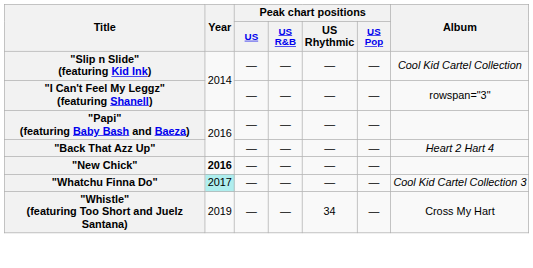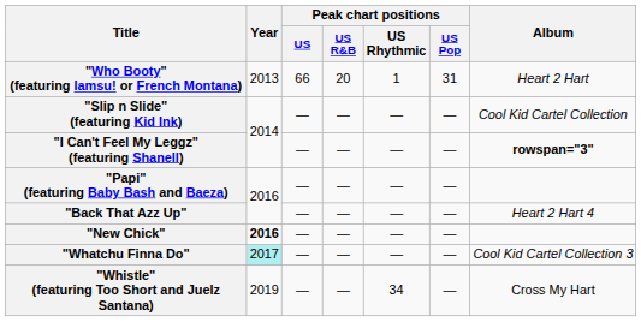 <table class="wikitable plainrowheaders" style="text-align:center;">
 <tr>
 <th scope="col" rowspan="2" style="width:18em;">Title</th>
 <th scope="col" rowspan="2">Year</th>
 <th colspan="4" scope="col">Peak chart positions</th>
 <th scope="col" rowspan="2">Album</th>
 </tr>
 <tr>
 <th scope="col" style="width:3em;font-size:90%;"><a href='#'>US</a></th>
 <th scope="col" style="width:3em;font-size:90%;"><a href='#'>US<br>R&B</a></th>
 <th>US<br>Rhythmic</th>
 <th scope="col" style="width:3em;font-size:90%;"><a href='#'>US<br>Pop</a></th>
+</tr>
+<tr>
+<th scope="row">"<a href='#'>Who Booty</a>"<br><span>(featuring <a href='#'>Iamsu!</a> or <a href='#'>French Montana</a>)</span></th>
+<td>2013</td>
+<td>66</td>
+<td>20</td>
+<td>1</td>
+<td>31</td>
+<td><em>Heart 2 Hart</em></td>
 </tr>
 <tr>
 <th scope="row">"Slip n Slide"<br><span>(featuring <a href='#'>Kid Ink</a>)</span></th>
 <td rowspan="2">2014</td>
 <td>—</td>
 <td>—</td>
 <td>—</td>
 <td>—</td>
 <td><em>Cool Kid Cartel Collection</em></td>
 </tr>
 <tr>
 <th scope="row">"I Can't Feel My Leggz"<br><span>(featuring <a href='#'>Shanell</a>)</span></th>
 <td>—</td>
 <td>—</td>
 <td>—</td>
 <td>—</td>
-<td>rowspan="3" </td>
+<td><strong>rowspan="3" </strong></td>
 </tr>
 <tr>
 <th scope="row">"Papi"<br><span>(featuring <a href='#'>Baby Bash</a> and <a href='#'>Baeza</a>)</span></th>
 <td rowspan="2">2016</td>
 <td>—</td>
 <td>—</td>
 <td>—</td>
 <td>—</td>
 </tr>
 <tr>
 <th scope="row">"Back That Azz Up"</th>
 <td>—</td>
 <td>—</td>
 <td>—</td>
 <td>—</td>
 <td><em>Heart 2 Hart 4</em></td>
 </tr>
 <tr>
 <th scope="row">"New Chick"</th>
 <td><strong>2016</strong></td>
 <td>—</td>
 <td>—</td>
 <td>—</td>
 <td>—</td>
 </tr>
 <tr>
 <th scope="row">"Whatchu Finna Do"</th>
 <td style="background: paleturquoise;">2017</td>
 <td>—</td>
 <td>—</td>
 <td>—</td>
 <td>—</td>
 <td><em>Cool Kid Cartel Collection 3</em></td>
 </tr>
 <tr>
 <th>"Whistle"<br>(featuring Too Short and Juelz Santana)</th>
 <td>2019</td>
 <td>—</td>
 <td>—</td>
 <td>34</td>
 <td>—</td>
 <td>Cross My Hart</td>
 </tr>
 </table>
